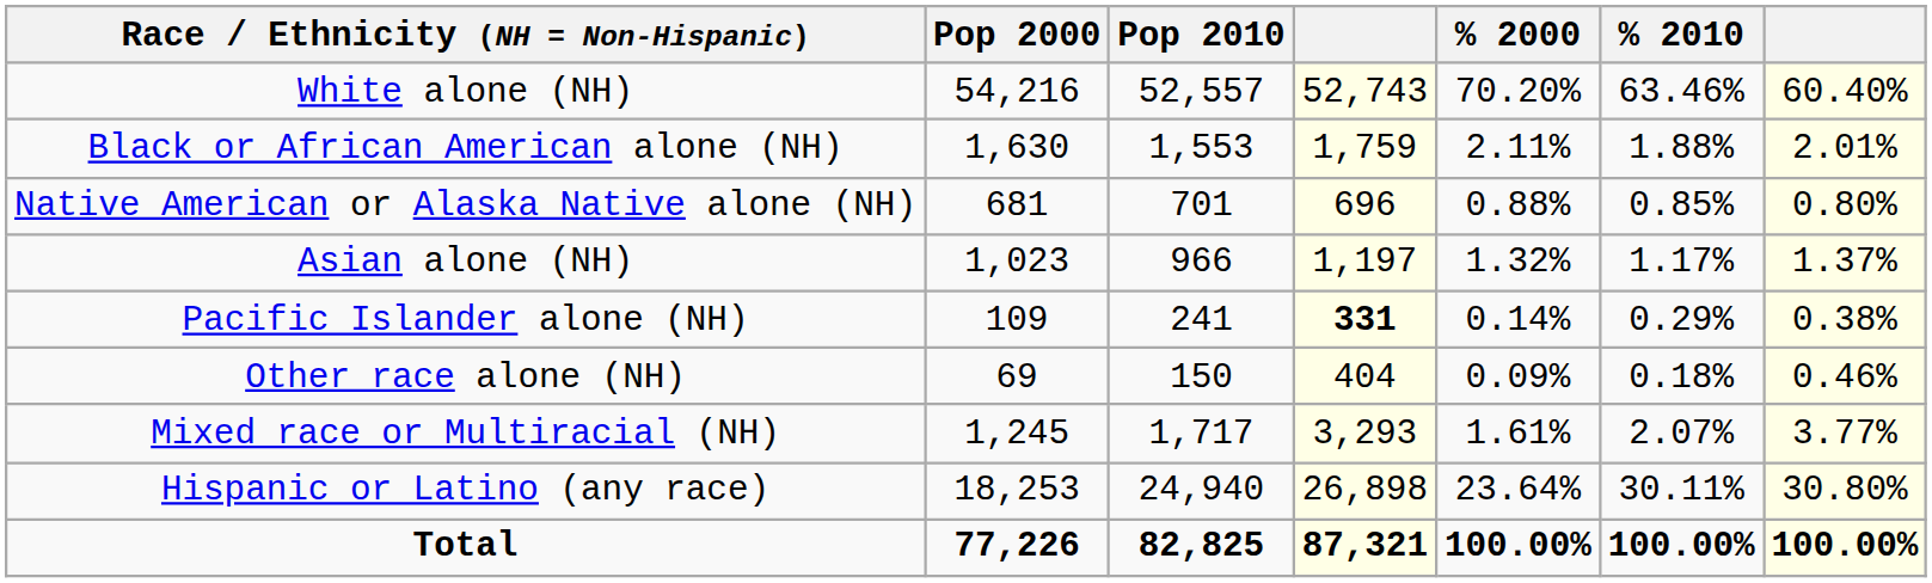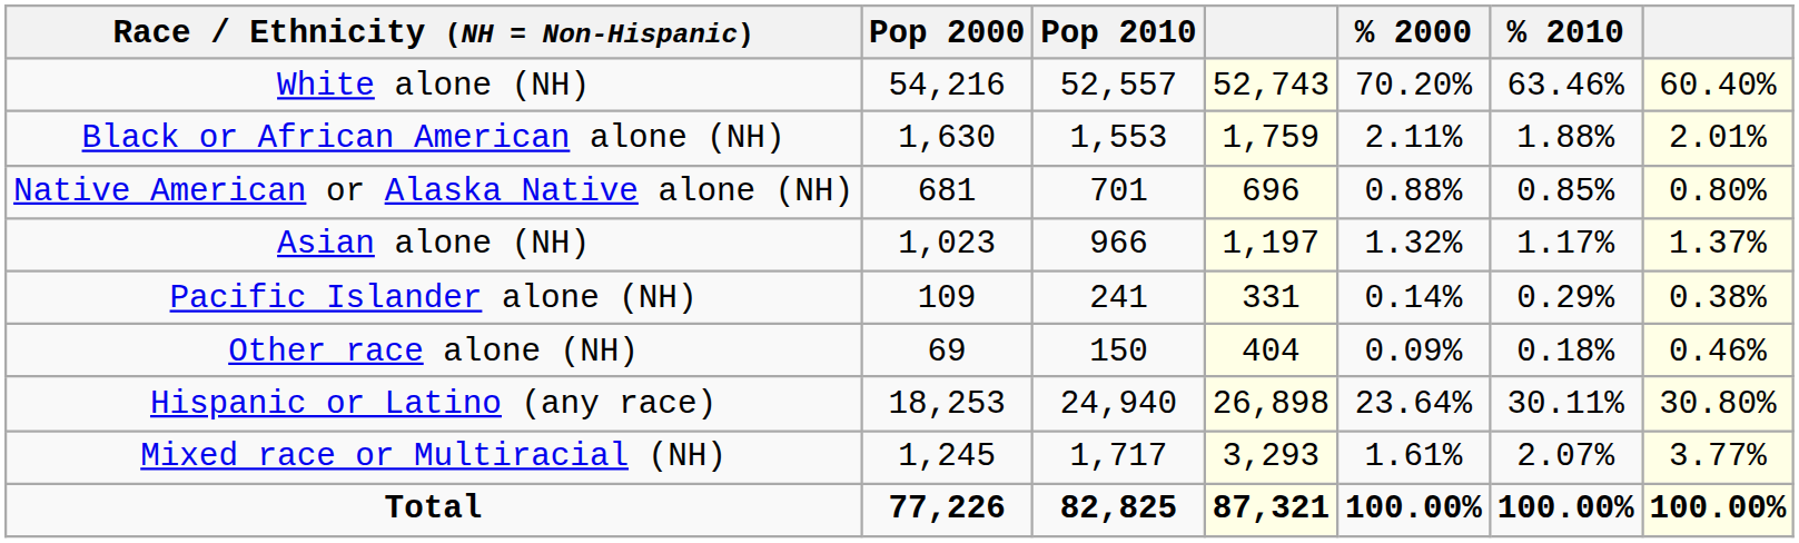 <table class="wikitable" style="text-align:center;">
 <tr>
 <th>Race / Ethnicity <small>(<em>NH = Non-Hispanic</em>)</small></th>
 <th>Pop 2000</th>
 <th>Pop 2010</th>
 <th></th>
 <th>% 2000</th>
 <th>% 2010</th>
 <th></th>
 </tr>
 <tr>
 <td><a href='#'>White</a> alone (NH)</td>
 <td>54,216</td>
 <td>52,557</td>
 <td style='background: #ffffe6;'>52,743</td>
 <td>70.20%</td>
 <td>63.46%</td>
 <td style='background: #ffffe6;'>60.40%</td>
 </tr>
 <tr>
 <td><a href='#'>Black or African American</a> alone (NH)</td>
 <td>1,630</td>
 <td>1,553</td>
 <td style='background: #ffffe6;'>1,759</td>
 <td>2.11%</td>
 <td>1.88%</td>
 <td style='background: #ffffe6;'>2.01%</td>
 </tr>
 <tr>
 <td><a href='#'>Native American</a> or <a href='#'>Alaska Native</a> alone (NH)</td>
 <td>681</td>
 <td>701</td>
 <td style='background: #ffffe6;'>696</td>
 <td>0.88%</td>
 <td>0.85%</td>
 <td style='background: #ffffe6;'>0.80%</td>
 </tr>
 <tr>
 <td><a href='#'>Asian</a> alone (NH)</td>
 <td>1,023</td>
 <td>966</td>
 <td style='background: #ffffe6;'>1,197</td>
 <td>1.32%</td>
 <td>1.17%</td>
 <td style='background: #ffffe6;'>1.37%</td>
 </tr>
 <tr>
 <td><a href='#'>Pacific Islander</a> alone (NH)</td>
 <td>109</td>
 <td>241</td>
-<td style='background: #ffffe6;'><strong>331</strong></td>
+<td style='background: #ffffe6;'>331</td>
 <td>0.14%</td>
 <td>0.29%</td>
 <td style='background: #ffffe6;'>0.38%</td>
 </tr>
 <tr>
 <td><a href='#'>Other race</a> alone (NH)</td>
 <td>69</td>
 <td>150</td>
 <td style='background: #ffffe6;'>404</td>
 <td>0.09%</td>
 <td>0.18%</td>
 <td style='background: #ffffe6;'>0.46%</td>
 </tr>
 <tr>
+<td><a href='#'>Hispanic or Latino</a> (any race)</td>
+<td>18,253</td>
+<td>24,940</td>
+<td style='background: #ffffe6;'>26,898</td>
+<td>23.64%</td>
+<td>30.11%</td>
+<td style='background: #ffffe6;'>30.80%</td>
+</tr>
+<tr>
 <td><a href='#'>Mixed race or Multiracial</a> (NH)</td>
 <td>1,245</td>
 <td>1,717</td>
 <td style='background: #ffffe6;'>3,293</td>
 <td>1.61%</td>
 <td>2.07%</td>
 <td style='background: #ffffe6;'>3.77%</td>
-</tr>
-<tr>
-<td><a href='#'>Hispanic or Latino</a> (any race)</td>
-<td>18,253</td>
-<td>24,940</td>
-<td style='background: #ffffe6;'>26,898</td>
-<td>23.64%</td>
-<td>30.11%</td>
-<td style='background: #ffffe6;'>30.80%</td>
 </tr>
 <tr>
 <td><strong>Total</strong></td>
 <td><strong>77,226</strong></td>
 <td><strong>82,825</strong></td>
 <td style='background: #ffffe6;'><strong>87,321</strong></td>
 <td><strong>100.00%</strong></td>
 <td><strong>100.00%</strong></td>
 <td style='background: #ffffe6;'><strong>100.00%</strong></td>
 </tr>
 </table>
